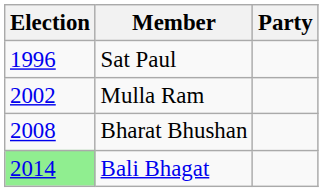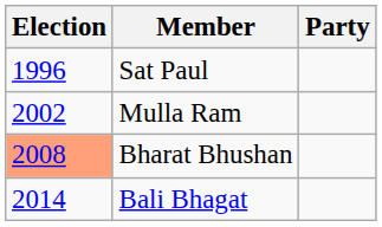 <table class="wikitable sortable">
 <tr>
 <th>Election</th>
 <th>Member</th>
 <th colspan=2>Party</th>
 </tr>
 <tr>
 <td><a href='#'>1996</a></td>
 <td>Sat Paul</td>
 <td></td>
 </tr>
 <tr>
 <td><a href='#'>2002</a></td>
 <td>Mulla Ram</td>
 <td></td>
 </tr>
 <tr>
-<td><a href='#'>2008</a></td>
+<td style="background: lightsalmon;"><a href='#'>2008</a></td>
 <td>Bharat Bhushan</td>
 <td></td>
 </tr>
 <tr>
-<td style="background: lightgreen;"><a href='#'>2014</a></td>
+<td><a href='#'>2014</a></td>
 <td><a href='#'>Bali Bhagat</a></td>
 </tr>
 </table>
